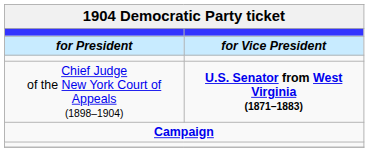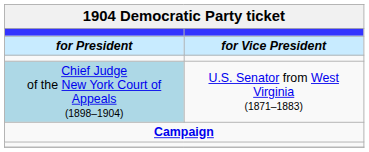 <table class="wikitable" style="font-size:90%; text-align:center;">
 <tr>
 <td style="background:#f1f1f1;" colspan="30"><big><strong>1904 Democratic Party ticket </strong></big></td>
 </tr>
 <tr>
 <th style="width:3em; font-size:135%; background:#3333FF; width:200px;"><a href='#'></a></th>
 <th style="width:3em; font-size:135%; background:#3333FF; width:200px;"><a href='#'></a></th>
 </tr>
 <tr>
 <td style="width:3em; font-size:100%; color:#000; background:#C8EBFF; width:200px;"><strong><em>for President</em></strong></td>
 <td style="width:3em; font-size:100%; color:#000; background:#C8EBFF; width:200px;"><strong><em>for Vice President</em></strong></td>
 </tr>
 <tr>
 <td></td>
 <td></td>
 </tr>
 <tr>
-<td><a href='#'>Chief Judge</a><br>of the <a href='#'>New York Court of Appeals</a><br><small>(1898–1904)</small></td>
-<td><strong><a href='#'>U.S. Senator</a> from <a href='#'>West Virginia</a><br><small>(1871–1883)</small></strong></td>
+<td style="background: lightblue;"><a href='#'>Chief Judge</a><br>of the <a href='#'>New York Court of Appeals</a><br><small>(1898–1904)</small></td>
+<td><a href='#'>U.S. Senator</a> from <a href='#'>West Virginia</a><br><small>(1871–1883)</small></td>
 </tr>
 <tr>
 <td colspan=2><a href='#'><strong>Campaign</strong></a></td>
 </tr>
 <tr>
 <td colspan=2></td>
 </tr>
 <tr>
 </tr>
 </table>
